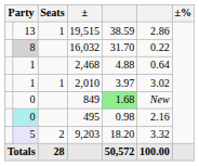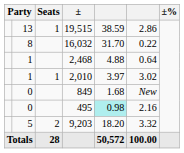 <table class=wikitable>
 <tr>
 <th colspan=2 align=center>Party</th>
 <th>Seats</th>
 <th>±</th>
 <th></th>
 <th></th>
 <th valign=top>±%</th>
 </tr>
 <tr>
 <td></td>
 <td align=right>13</td>
 <td align=right>1</td>
 <td align=right>19,515</td>
 <td align=right>38.59</td>
 <td align=right>2.86</td>
 </tr>
 <tr>
 <td></td>
-<td align=right style="background: lightgrey;">8</td>
+<td align=right>8</td>
 <td align=right></td>
 <td align=right>16,032</td>
 <td align=right>31.70</td>
 <td align=right>0.22</td>
 </tr>
 <tr>
 <td></td>
 <td align=right>1</td>
 <td align=right></td>
 <td align=right>2,468</td>
 <td align=right>4.88</td>
 <td align=right>0.64</td>
 </tr>
 <tr>
 <td></td>
 <td align=right>1</td>
 <td align=right> 1</td>
 <td align=right>2,010</td>
 <td align=right>3.97</td>
 <td align=right>3.02</td>
 </tr>
 <tr>
 <td></td>
 <td align=right>0</td>
 <td align=right></td>
 <td align=right>849</td>
-<td align=right style="background: lightgreen;">1.68</td>
+<td align=right>1.68</td>
 <td align=right><em>New</em></td>
 </tr>
 <tr>
 <td></td>
-<td align=right style="background: paleturquoise;">0</td>
+<td align=right>0</td>
 <td align=right></td>
 <td align=right>495</td>
-<td align=right>0.98</td>
+<td align=right style="background: paleturquoise;">0.98</td>
 <td align=right>2.16</td>
 </tr>
 <tr>
 <td></td>
-<td align=right style="background: lavender;">5</td>
+<td align=right>5</td>
 <td align=right>2</td>
 <td align=right>9,203</td>
 <td align=right>18.20</td>
 <td align=right>3.32</td>
 </tr>
 <tr style="font-weight:bold; background:rgb(232,232,232);">
 <td colspan=2 align=center>Totals</td>
 <td align=right>28</td>
 <td align=right></td>
 <td align=right>50,572</td>
 <td align=center>100.00</td>
 <td align=right></td>
 </tr>
 </table>
